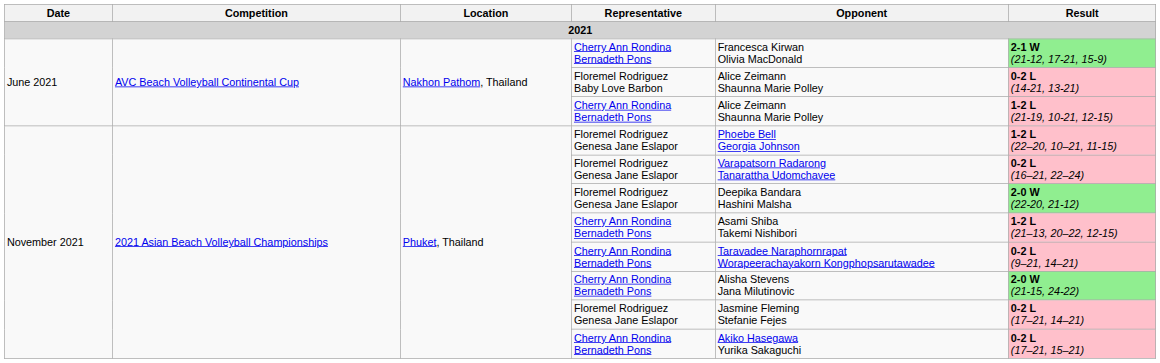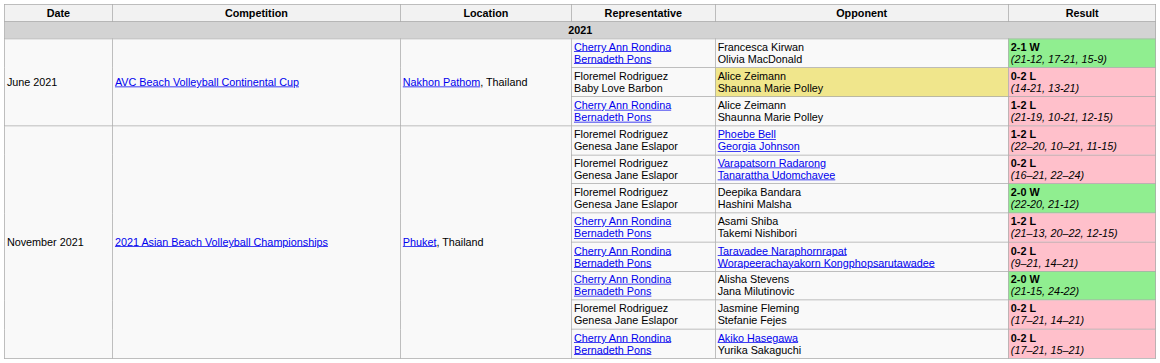 <table class="wikitable" style="font-size:90%; width:97%;">
 <tr>
 <th>Date</th>
 <th>Competition</th>
 <th>Location</th>
 <th>Representative</th>
 <th>Opponent</th>
 <th>Result</th>
 </tr>
 <tr>
 <td style="text-align: center;" colspan=6 bgcolor="lightgrey"><strong>2021</strong></td>
 </tr>
 <tr>
 <td rowspan=3>June 2021</td>
 <td rowspan=3><a href='#'>AVC Beach Volleyball Continental Cup</a></td>
 <td rowspan=3> <a href='#'>Nakhon Pathom</a>, Thailand</td>
 <td> <a href='#'>Cherry Ann Rondina</a> <br>  <a href='#'>Bernadeth Pons</a></td>
 <td> Francesca Kirwan <br>  Olivia MacDonald</td>
 <td bgcolor="lightgreen"><strong>2-1 W</strong> <br><em>(21-12, 17-21, 15-9)</em></td>
 </tr>
 <tr>
 <td> Floremel Rodriguez <br>  Baby Love Barbon</td>
-<td> Alice Zeimann <br>  Shaunna Marie Polley</td>
+<td style="background: khaki;"> Alice Zeimann <br>  Shaunna Marie Polley</td>
 <td bgcolor="pink"><strong>0-2 L</strong> <br><em>(14-21, 13-21)</em></td>
 </tr>
 <tr>
 <td> <a href='#'>Cherry Ann Rondina</a> <br>  <a href='#'>Bernadeth Pons</a></td>
 <td> Alice Zeimann <br>  Shaunna Marie Polley</td>
 <td bgcolor="pink"><strong>1-2 L</strong> <br><em>(21-19, 10-21, 12-15)</em></td>
 </tr>
 <tr>
 <td rowspan=8>November 2021</td>
 <td rowspan=8><a href='#'>2021 Asian Beach Volleyball Championships</a></td>
 <td rowspan=8> <a href='#'>Phuket</a>, Thailand</td>
 <td> Floremel Rodriguez <br>  Genesa Jane Eslapor</td>
 <td> <a href='#'>Phoebe Bell</a> <br>  <a href='#'>Georgia Johnson</a></td>
 <td bgcolor="pink"><strong>1-2 L</strong> <br><em>(22–20, 10–21, 11-15)</em></td>
 </tr>
 <tr>
 <td> Floremel Rodriguez <br>  Genesa Jane Eslapor</td>
 <td> <a href='#'>Varapatsorn Radarong</a> <br>  <a href='#'>Tanarattha Udomchavee</a></td>
 <td bgcolor="pink"><strong>0-2 L</strong> <br><em>(16–21, 22–24)</em></td>
 </tr>
 <tr>
 <td> Floremel Rodriguez <br>  Genesa Jane Eslapor</td>
 <td> Deepika Bandara <br>  Hashini Malsha</td>
 <td bgcolor="lightgreen"><strong>2-0 W</strong> <br><em>(22-20, 21-12)</em></td>
 </tr>
 <tr>
 <td> <a href='#'>Cherry Ann Rondina</a> <br>  <a href='#'>Bernadeth Pons</a></td>
 <td> Asami Shiba <br>  Takemi Nishibori</td>
 <td bgcolor="pink"><strong>1-2 L</strong> <br><em>(21–13, 20–22, 12-15)</em></td>
 </tr>
 <tr>
 <td> <a href='#'>Cherry Ann Rondina</a> <br>  <a href='#'>Bernadeth Pons</a></td>
 <td> <a href='#'>Taravadee Naraphornrapat</a> <br>  <a href='#'>Worapeerachayakorn Kongphopsarutawadee</a></td>
 <td bgcolor="pink"><strong>0-2 L</strong> <br><em>(9–21, 14–21)</em></td>
 </tr>
 <tr>
 <td> <a href='#'>Cherry Ann Rondina</a> <br>  <a href='#'>Bernadeth Pons</a></td>
 <td> Alisha Stevens <br>  Jana Milutinovic</td>
 <td bgcolor="lightgreen"><strong>2-0 W</strong> <br><em>(21-15, 24-22)</em></td>
 </tr>
 <tr>
 <td> Floremel Rodriguez <br>  Genesa Jane Eslapor</td>
 <td> Jasmine Fleming <br>  Stefanie Fejes</td>
 <td bgcolor="pink"><strong>0-2 L</strong> <br><em>(17–21, 14–21)</em></td>
 </tr>
 <tr>
 <td> <a href='#'>Cherry Ann Rondina</a> <br>  <a href='#'>Bernadeth Pons</a></td>
 <td> <a href='#'>Akiko Hasegawa</a> <br>  Yurika Sakaguchi</td>
 <td bgcolor="pink"><strong>0-2 L</strong> <br><em>(17–21, 15–21)</em></td>
 </tr>
 </table>
